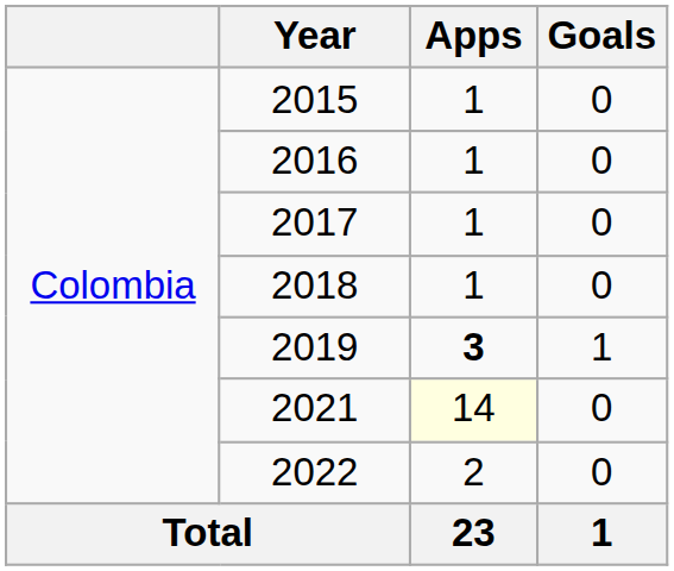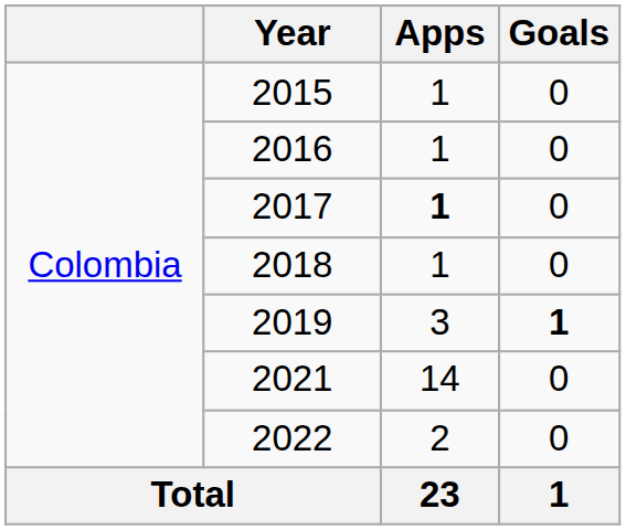 <table class="wikitable" style="text-align: center;">
 <tr>
 <th width="80"></th>
 <th width="70">Year</th>
 <th width="45">Apps</th>
 <th width="45">Goals</th>
 </tr>
 <tr>
 <td rowspan="7"><a href='#'>Colombia</a></td>
 <td>2015</td>
 <td>1</td>
 <td>0</td>
 </tr>
 <tr>
 <td>2016</td>
 <td>1</td>
 <td>0</td>
 </tr>
 <tr>
 <td>2017</td>
-<td>1</td>
+<td><strong>1</strong></td>
 <td>0</td>
 </tr>
 <tr>
 <td>2018</td>
 <td>1</td>
 <td>0</td>
 </tr>
 <tr>
 <td>2019</td>
-<td><strong>3</strong></td>
-<td>1</td>
+<td>3</td>
+<td><strong>1</strong></td>
 </tr>
 <tr>
 <td>2021</td>
-<td style="background: lightyellow;">14</td>
+<td>14</td>
 <td>0</td>
 </tr>
 <tr>
 <td>2022</td>
 <td>2</td>
 <td>0</td>
 </tr>
 <tr>
 <th colspan=2>Total</th>
 <th>23</th>
 <th>1</th>
 </tr>
 </table>
